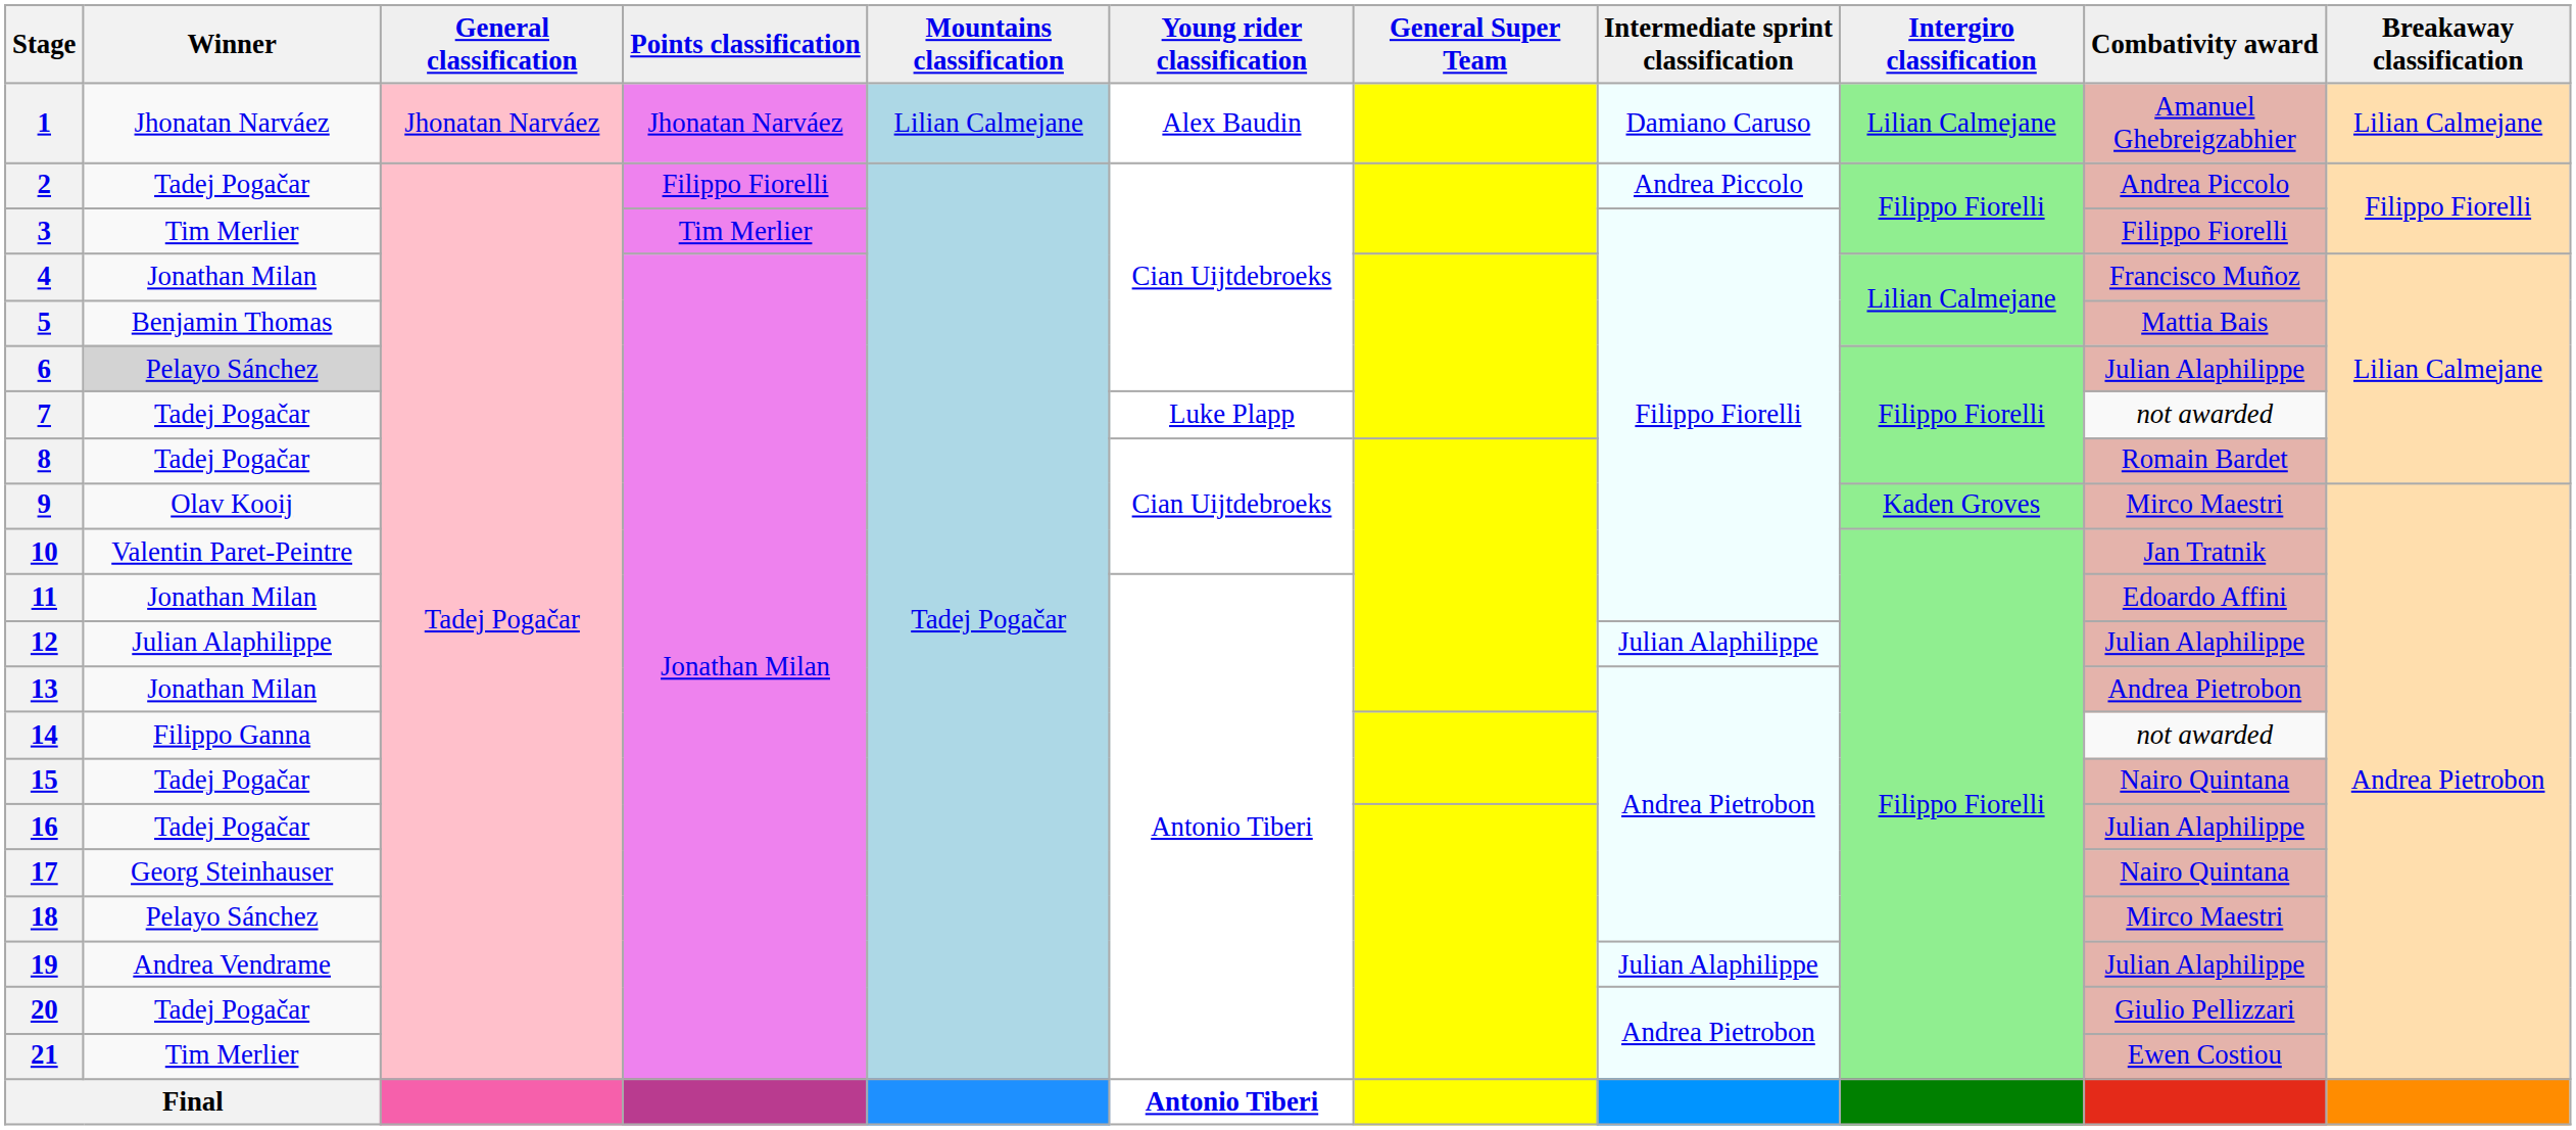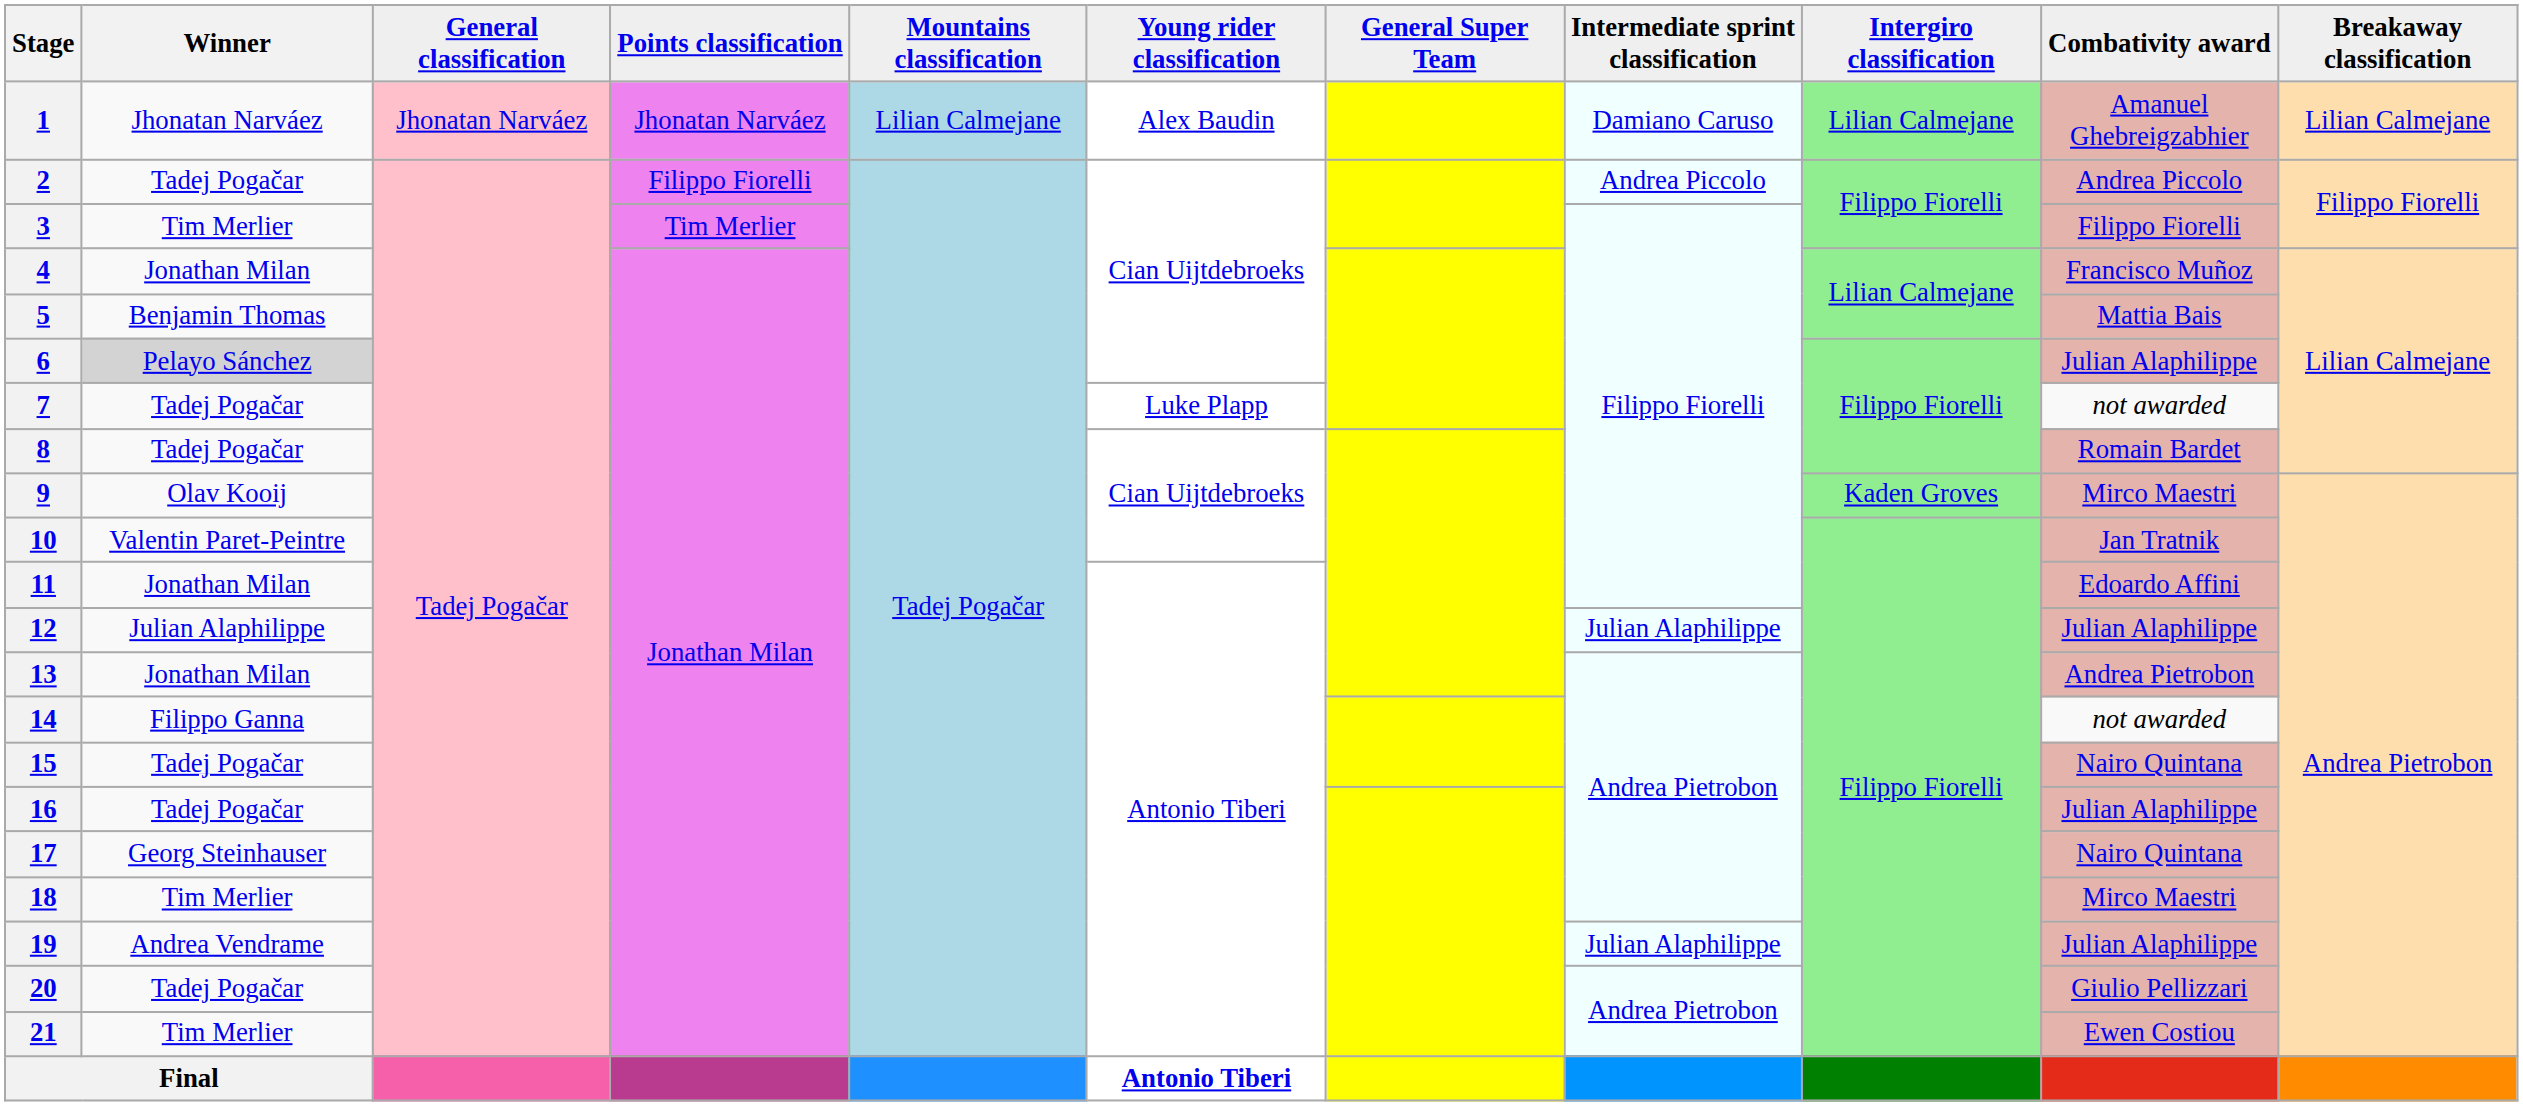 <table class="wikitable" style="text-align: center; font-size:smaller;">
 <tr style="background:#efefef;">
 <th style="width:1%;">Stage</th>
 <th style="width:11%;">Winner</th>
 <th style="background:#efefef; width:9%;"><a href='#'>General classification</a><br></th>
 <th style="background:#efefef; width:9%;"><a href='#'>Points classification</a><br></th>
 <th style="background:#efefef; width:9%;"><a href='#'>Mountains classification</a><br></th>
 <th style="background:#efefef; width:9%;"><a href='#'>Young rider classification</a><br></th>
 <th style="background:#efefef; width:9%;"><a href='#'>General Super Team</a></th>
 <th style="background:#efefef; width:9%;">Intermediate sprint classification</th>
 <th style="background:#efefef; width:9%;"><a href='#'>Intergiro classification</a><br></th>
 <th style="background:#efefef; width:9%;">Combativity award<br></th>
 <th style="background:#efefef; width:9%;">Breakaway classification</th>
 </tr>
 <tr>
 <th><a href='#'>1</a></th>
 <td><a href='#'>Jhonatan Narváez</a></td>
 <td style="background:pink;"><a href='#'>Jhonatan Narváez</a></td>
 <td style="background:violet;"><a href='#'>Jhonatan Narváez</a></td>
 <td style="background:lightblue;"><a href='#'>Lilian Calmejane</a></td>
 <td style="background:white;"><a href='#'>Alex Baudin</a></td>
 <td style="background:#FFFF00;"></td>
 <td style="background:azure;"><a href='#'>Damiano Caruso</a></td>
 <td style="background:lightgreen;"><a href='#'>Lilian Calmejane</a></td>
 <td style="background:#E4B3AB;"><a href='#'>Amanuel Ghebreigzabhier</a></td>
 <td style="background:navajowhite;"><a href='#'>Lilian Calmejane</a></td>
 </tr>
 <tr>
 <th><a href='#'>2</a></th>
 <td><a href='#'>Tadej Pogačar</a></td>
 <td style="background:pink;" rowspan="20"><a href='#'>Tadej Pogačar</a></td>
 <td style="background:violet;"><a href='#'>Filippo Fiorelli</a></td>
 <td style="background:lightblue;" rowspan="20"><a href='#'>Tadej Pogačar</a></td>
 <td style="background:white;" rowspan="5"><a href='#'>Cian Uijtdebroeks</a></td>
 <td style="background:#FFFF00;" rowspan="2"></td>
 <td style="background:azure;"><a href='#'>Andrea Piccolo</a></td>
 <td style="background:lightgreen;" rowspan="2"><a href='#'>Filippo Fiorelli</a></td>
 <td style="background:#E4B3AB;"><a href='#'>Andrea Piccolo</a></td>
 <td style="background:navajowhite;" rowspan="2"><a href='#'>Filippo Fiorelli</a></td>
 </tr>
 <tr>
 <th><a href='#'>3</a></th>
 <td><a href='#'>Tim Merlier</a></td>
 <td style="background:violet;"><a href='#'>Tim Merlier</a></td>
 <td style="background:azure;" rowspan="9"><a href='#'>Filippo Fiorelli</a></td>
 <td style="background:#E4B3AB;"><a href='#'>Filippo Fiorelli</a></td>
 </tr>
 <tr>
 <th><a href='#'>4</a></th>
 <td><a href='#'>Jonathan Milan</a></td>
 <td style="background:violet;" rowspan="18"><a href='#'>Jonathan Milan</a></td>
 <td style="background:#FFFF00;" rowspan="4"></td>
 <td style="background:lightgreen;" rowspan="2"><a href='#'>Lilian Calmejane</a></td>
 <td style="background:#E4B3AB;"><a href='#'>Francisco Muñoz</a></td>
 <td style="background:navajowhite;" rowspan="5"><a href='#'>Lilian Calmejane</a></td>
 </tr>
 <tr>
 <th><a href='#'>5</a></th>
 <td><a href='#'>Benjamin Thomas</a></td>
 <td style="background:#E4B3AB;"><a href='#'>Mattia Bais</a></td>
 </tr>
 <tr>
 <th><a href='#'>6</a></th>
 <td style="background: lightgrey;"><a href='#'>Pelayo Sánchez</a></td>
 <td style="background:lightgreen;" rowspan="3"><a href='#'>Filippo Fiorelli</a></td>
 <td style="background:#E4B3AB;"><a href='#'>Julian Alaphilippe</a></td>
 </tr>
 <tr>
 <th><a href='#'>7</a></th>
 <td><a href='#'>Tadej Pogačar</a></td>
 <td style="background:white;"><a href='#'>Luke Plapp</a></td>
 <td><em>not awarded</em></td>
 </tr>
 <tr>
 <th><a href='#'>8</a></th>
 <td><a href='#'>Tadej Pogačar</a></td>
 <td style="background:white;" rowspan="3"><a href='#'>Cian Uijtdebroeks</a></td>
 <td style="background:#FFFF00;" rowspan="6"></td>
 <td style="background:#E4B3AB;"><a href='#'>Romain Bardet</a></td>
 </tr>
 <tr>
 <th><a href='#'>9</a></th>
 <td><a href='#'>Olav Kooij</a></td>
 <td style="background:lightgreen;"><a href='#'>Kaden Groves</a></td>
 <td style="background:#E4B3AB;"><a href='#'>Mirco Maestri</a></td>
 <td style="background:navajowhite;" rowspan="13"><a href='#'>Andrea Pietrobon</a></td>
 </tr>
 <tr>
 <th><a href='#'>10</a></th>
 <td><a href='#'>Valentin Paret-Peintre</a></td>
 <td style="background:lightgreen;" rowspan="12"><a href='#'>Filippo Fiorelli</a></td>
 <td style="background:#E4B3AB;"><a href='#'>Jan Tratnik</a></td>
 </tr>
 <tr>
 <th><a href='#'>11</a></th>
 <td><a href='#'>Jonathan Milan</a></td>
 <td style="background:white;" rowspan="11"><a href='#'>Antonio Tiberi</a></td>
 <td style="background:#E4B3AB;"><a href='#'>Edoardo Affini</a></td>
 </tr>
 <tr>
 <th><a href='#'>12</a></th>
 <td><a href='#'>Julian Alaphilippe</a></td>
 <td style="background:azure;"><a href='#'>Julian Alaphilippe</a></td>
 <td style="background:#E4B3AB;"><a href='#'>Julian Alaphilippe</a></td>
 </tr>
 <tr>
 <th><a href='#'>13</a></th>
 <td><a href='#'>Jonathan Milan</a></td>
 <td style="background:azure;" rowspan="6"><a href='#'>Andrea Pietrobon</a></td>
 <td style="background:#E4B3AB;"><a href='#'>Andrea Pietrobon</a></td>
 </tr>
 <tr>
 <th><a href='#'>14</a></th>
 <td><a href='#'>Filippo Ganna</a></td>
 <td style="background:#FFFF00;" rowspan="2"></td>
 <td><em>not awarded</em></td>
 </tr>
 <tr>
 <th><a href='#'>15</a></th>
 <td><a href='#'>Tadej Pogačar</a></td>
 <td style="background:#E4B3AB;"><a href='#'>Nairo Quintana</a></td>
 </tr>
 <tr>
 <th><a href='#'>16</a></th>
 <td><a href='#'>Tadej Pogačar</a></td>
 <td style="background:#FFFF00;" rowspan="6"></td>
 <td style="background:#E4B3AB;"><a href='#'>Julian Alaphilippe</a></td>
 </tr>
 <tr>
 <th><a href='#'>17</a></th>
 <td><a href='#'>Georg Steinhauser</a></td>
 <td style="background:#E4B3AB;"><a href='#'>Nairo Quintana</a></td>
 </tr>
 <tr>
 <th><a href='#'>18</a></th>
-<td><a href='#'>Pelayo Sánchez</a></td>
+<td><a href='#'>Tim Merlier</a></td>
 <td style="background:#E4B3AB;"><a href='#'>Mirco Maestri</a></td>
 </tr>
 <tr>
 <th><a href='#'>19</a></th>
 <td><a href='#'>Andrea Vendrame</a></td>
 <td style="background:azure;"><a href='#'>Julian Alaphilippe</a></td>
 <td style="background:#E4B3AB;"><a href='#'>Julian Alaphilippe</a></td>
 </tr>
 <tr>
 <th><a href='#'>20</a></th>
 <td><a href='#'>Tadej Pogačar</a></td>
 <td style="background:azure;"  rowspan="2"><a href='#'>Andrea Pietrobon</a></td>
 <td style="background:#E4B3AB;"><a href='#'>Giulio Pellizzari</a></td>
 </tr>
 <tr>
 <th><a href='#'>21</a></th>
 <td><a href='#'>Tim Merlier</a></td>
 <td style="background:#E4B3AB;"><a href='#'>Ewen Costiou</a></td>
 </tr>
 <tr>
 <th colspan="2">Final</th>
 <th style="background:#F660AB;"></th>
 <th style="background:#B93B8F;"></th>
 <th style="background:dodgerblue;"></th>
 <th style="background:white;"><a href='#'>Antonio Tiberi</a></th>
 <th style="background:yellow;"></th>
 <th style="background:#0094FF"></th>
 <th style="background:green;"></th>
 <th style="background:#E42A19;"></th>
 <th style="background:#FF8C00;"></th>
 </tr>
 </table>
